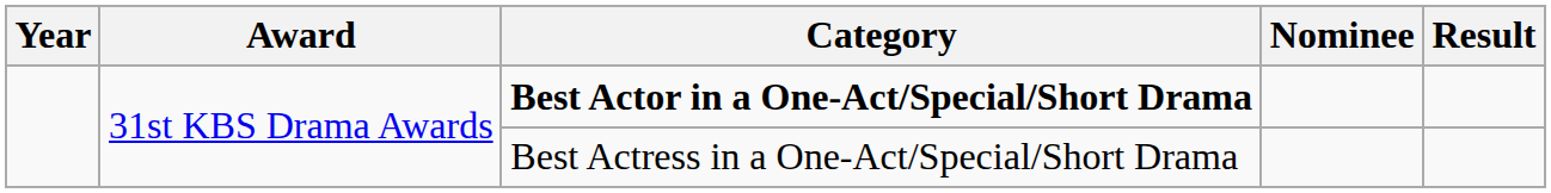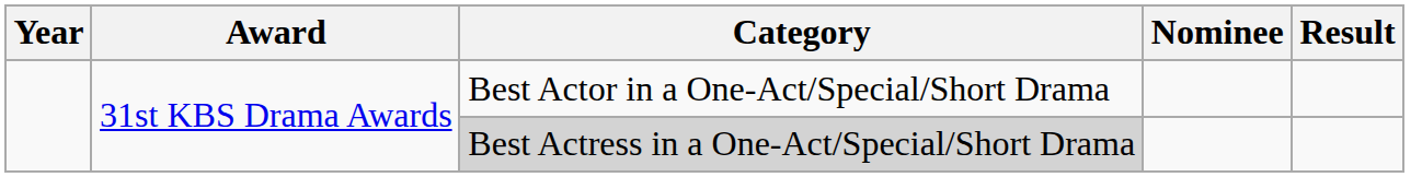 <table class="wikitable">
 <tr>
 <th>Year</th>
 <th>Award</th>
 <th>Category</th>
 <th>Nominee</th>
 <th>Result</th>
 </tr>
 <tr>
 <td rowspan="2"></td>
 <td rowspan="2"><a href='#'>31st KBS Drama Awards</a></td>
-<td><strong>Best Actor in a One-Act/Special/Short Drama</strong></td>
+<td>Best Actor in a One-Act/Special/Short Drama</td>
 <td></td>
 <td></td>
 </tr>
 <tr>
-<td>Best Actress in a One-Act/Special/Short Drama</td>
+<td style="background: lightgrey;">Best Actress in a One-Act/Special/Short Drama</td>
 <td></td>
 <td></td>
 </tr>
 <tr>
 </tr>
 </table>
